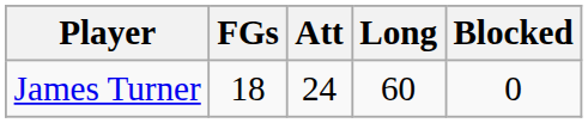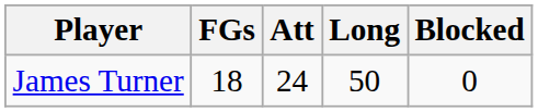 <table class="wikitable sortable sortable" style="text-align: center">
 <tr align=center>
 <th>Player</th>
 <th>FGs</th>
 <th>Att</th>
 <th>Long</th>
 <th>Blocked</th>
 </tr>
 <tr>
 <td><a href='#'>James Turner</a></td>
 <td>18</td>
 <td>24</td>
-<td>60</td>
+<td>50</td>
 <td>0</td>
 </tr>
 </table>
